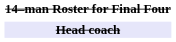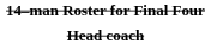 <table style="text-align: center; margin-top: 2em; margin-left: auto; margin-right: auto">
 <tr>
 <td><s><strong>14–man Roster for Final Four</strong></s></td>
 </tr>
 <tr>
 <td></td>
 </tr>
 <tr>
-<td style="background: lavender;"><s><strong>Head coach</strong></s></td>
+<td><s><strong>Head coach</strong></s></td>
 </tr>
 <tr>
 <td></td>
 </tr>
 </table>
